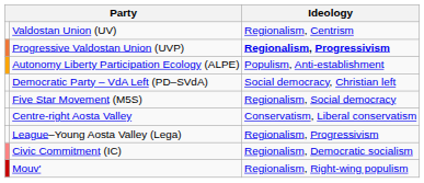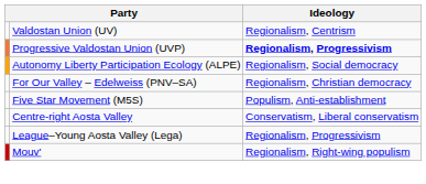 <table class=wikitable style=text-align:left>
 <tr>
 <th colspan=2>Party</th>
 <th>Ideology</th>
 </tr>
 <tr>
 <td style="background-color:"></td>
 <td><a href='#'>Valdostan Union</a> (UV)</td>
 <td><a href='#'>Regionalism</a>, <a href='#'>Centrism</a></td>
 </tr>
 <tr>
 <td bgcolor="#F07636"></td>
 <td><a href='#'>Progressive Valdostan Union</a> (UVP)</td>
 <td><strong><a href='#'>Regionalism</a>, <a href='#'>Progressivism</a></strong></td>
 </tr>
 <tr>
 <td bgcolor="orange"></td>
 <td><a href='#'>Autonomy Liberty Participation Ecology</a> (ALPE)</td>
-<td><a href='#'>Populism</a>, <a href='#'>Anti-establishment</a></td>
+<td><a href='#'>Regionalism</a>, <a href='#'>Social democracy</a></td>
 </tr>
 <tr>
 <td></td>
-<td style="text-align:left;"><a href='#'>Democratic Party – VdA Left</a> (PD–SVdA)</td>
-<td><a href='#'>Social democracy</a>, <a href='#'>Christian left</a></td>
+<td><a href='#'>For Our Valley</a> – <a href='#'>Edelweiss</a> (PNV–SA)</td>
+<td><a href='#'>Regionalism</a>, <a href='#'>Christian democracy</a></td>
 </tr>
 <tr>
 <td style="background-color:"></td>
 <td><a href='#'>Five Star Movement</a> (M5S)</td>
-<td><a href='#'>Regionalism</a>, <a href='#'>Social democracy</a></td>
+<td><a href='#'>Populism</a>, <a href='#'>Anti-establishment</a></td>
 </tr>
 <tr>
 <td style="background:"></td>
 <td><a href='#'>Centre-right Aosta Valley</a></td>
 <td><a href='#'>Conservatism</a>, <a href='#'>Liberal conservatism</a></td>
 </tr>
 <tr>
 <td></td>
 <td style="text-align:left;"><a href='#'>League</a>–Young Aosta Valley (Lega)</td>
 <td><a href='#'>Regionalism</a>, <a href='#'>Progressivism</a></td>
 </tr>
 <tr>
-<td bgcolor="#FF8282"></td>
-<td style="text-align:left;"><a href='#'>Civic Commitment</a> (IC)</td>
-<td><a href='#'>Regionalism</a>, <a href='#'>Democratic socialism</a></td>
-</tr>
-<tr>
 <td bgcolor="#C80000"></td>
 <td style="text-align:left;"><a href='#'>Mouv'</a></td>
 <td><a href='#'>Regionalism</a>, <a href='#'>Right-wing populism</a></td>
 </tr>
 </table>
